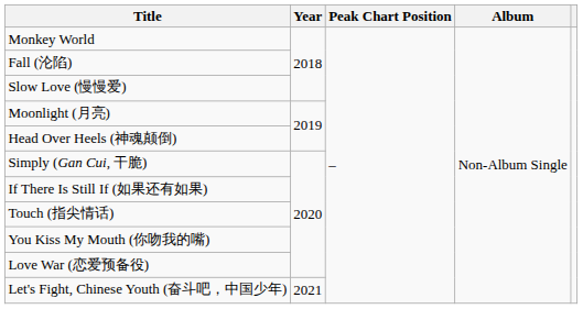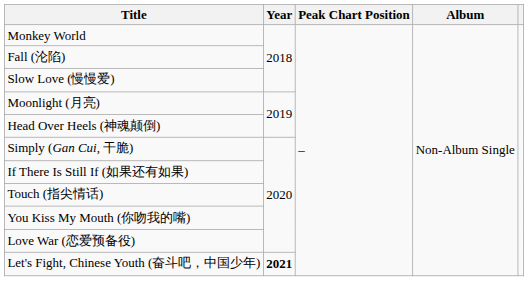 <table class="wikitable">
 <tr>
 <th>Title</th>
 <th>Year</th>
 <th>Peak Chart Position</th>
 <th>Album</th>
 <th></th>
 </tr>
 <tr>
 <td>Monkey World</td>
 <td rowspan="3">2018</td>
 <td rowspan="11">–</td>
 <td rowspan="11">Non-Album Single</td>
 <td rowspan="11"></td>
 </tr>
 <tr>
 <td>Fall (沦陷)</td>
 </tr>
 <tr>
 <td>Slow Love (慢慢爱)</td>
 </tr>
 <tr>
 <td>Moonlight (月亮)</td>
 <td rowspan="2">2019</td>
 </tr>
 <tr>
 <td>Head Over Heels (神魂颠倒)</td>
 </tr>
 <tr>
 <td>Simply (<em>Gan Cui</em>, 干脆)</td>
 <td rowspan="5">2020</td>
 </tr>
 <tr>
 <td>If There Is Still If (如果还有如果)</td>
 </tr>
 <tr>
 <td>Touch (指尖情话)</td>
 </tr>
 <tr>
 <td>You Kiss My Mouth (你吻我的嘴)</td>
 </tr>
 <tr>
 <td>Love War (恋爱预备役)</td>
 </tr>
 <tr>
 <td>Let's Fight, Chinese Youth (奋斗吧，中国少年)</td>
-<td>2021</td>
+<td><strong>2021</strong></td>
 </tr>
 </table>
